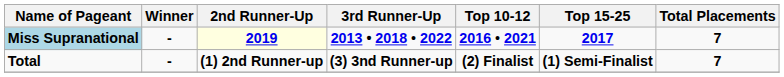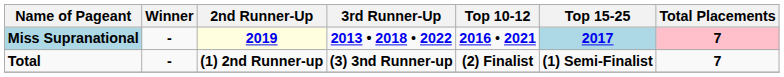 <table class="wikitable sortable" style="font-size:95%;">
 <tr>
 <th>Name of Pageant</th>
 <th>Winner</th>
 <th>2nd Runner-Up</th>
 <th>3rd Runner-Up</th>
 <th>Top 10-12</th>
 <th>Top 15-25</th>
 <th>Total Placements</th>
 </tr>
 <tr>
 <td bgcolor="#ADD8E6"><strong>Miss Supranational</strong></td>
 <td align="center"><strong>-</strong></td>
 <td align="center" style="background: lightyellow;"><strong><a href='#'>2019</a></strong></td>
 <td align="center"><strong><a href='#'>2013</a> • <a href='#'>2018</a></strong> • <strong><a href='#'>2022</a></strong></td>
 <td align="center"><strong><a href='#'>2016</a></strong> • <strong><a href='#'>2021</a></strong></td>
-<td align="center"><strong><a href='#'>2017</a></strong></td>
-<td align="center"><strong>7</strong></td>
+<td align="center" style="background: lightblue;"><strong><a href='#'>2017</a></strong></td>
+<td align="center" style="background: pink;"><strong>7</strong></td>
 </tr>
 <tr>
 <td><strong>Total</strong></td>
 <td align="center"><strong>-</strong></td>
 <td align="center"><strong>(1) 2nd Runner-up</strong></td>
 <td align="center"><strong>(3) 3nd Runner-up</strong></td>
 <td align="center"><strong>(2) Finalist</strong></td>
 <td align="center"><strong>(1) Semi-Finalist</strong></td>
 <td align="center"><strong>7</strong></td>
 </tr>
 <tr>
 </tr>
 </table>
